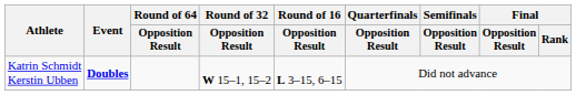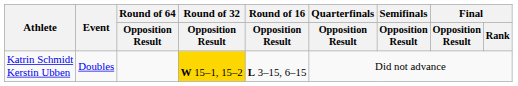 <table class="wikitable" style="font-size:90%">
 <tr>
 <th rowspan="2">Athlete</th>
 <th rowspan="2">Event</th>
 <th>Round of 64</th>
 <th>Round of 32</th>
 <th>Round of 16</th>
 <th>Quarterfinals</th>
 <th>Semifinals</th>
 <th colspan=2>Final</th>
 </tr>
 <tr style="font-size:95%">
 <th>Opposition<br>Result</th>
 <th>Opposition<br>Result</th>
 <th>Opposition<br>Result</th>
 <th>Opposition<br>Result</th>
 <th>Opposition<br>Result</th>
 <th>Opposition<br>Result</th>
 <th>Rank</th>
 </tr>
 <tr align=center>
 <td align=left><a href='#'>Katrin Schmidt</a><br><a href='#'>Kerstin Ubben</a></td>
-<td align=left><strong><a href='#'>Doubles</a></strong></td>
+<td align=left><a href='#'>Doubles</a></td>
 <td></td>
-<td><br><strong>W</strong> 15–1, 15–2</td>
+<td style="background: gold;"><br><strong>W</strong> 15–1, 15–2</td>
 <td><br><strong>L</strong> 3–15, 6–15</td>
 <td colspan=4>Did not advance</td>
 </tr>
 </table>
